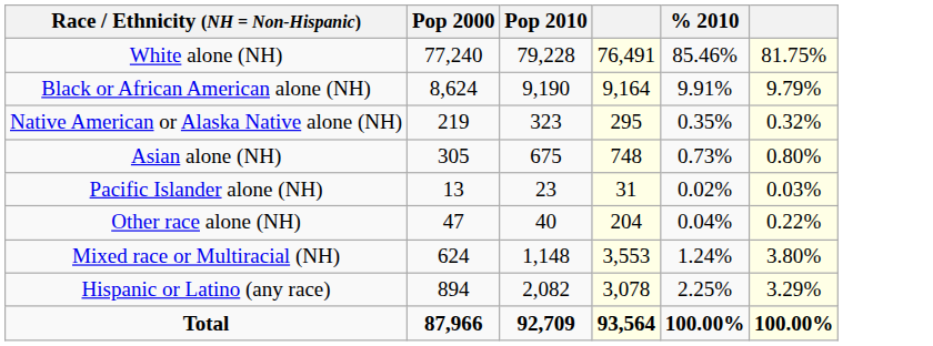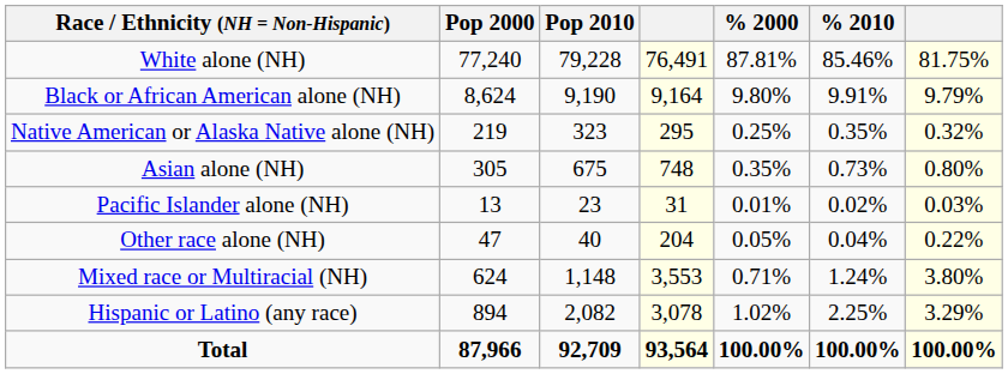 <table class="wikitable" style="text-align:center;">
 <tr>
 <th>Race / Ethnicity <small>(<em>NH = Non-Hispanic</em>)</small></th>
 <th>Pop 2000</th>
 <th>Pop 2010</th>
 <th></th>
+<th>% 2000</th>
 <th>% 2010</th>
 <th></th>
 </tr>
 <tr>
 <td><a href='#'>White</a> alone (NH)</td>
 <td>77,240</td>
 <td>79,228</td>
 <td style='background: #ffffe6;'>76,491</td>
+<td>87.81%</td>
 <td>85.46%</td>
 <td style='background: #ffffe6;'>81.75%</td>
 </tr>
 <tr>
 <td><a href='#'>Black or African American</a> alone (NH)</td>
 <td>8,624</td>
 <td>9,190</td>
 <td style='background: #ffffe6;'>9,164</td>
+<td>9.80%</td>
 <td>9.91%</td>
 <td style='background: #ffffe6;'>9.79%</td>
 </tr>
 <tr>
 <td><a href='#'>Native American</a> or <a href='#'>Alaska Native</a> alone (NH)</td>
 <td>219</td>
 <td>323</td>
 <td style='background: #ffffe6;'>295</td>
+<td>0.25%</td>
 <td>0.35%</td>
 <td style='background: #ffffe6;'>0.32%</td>
 </tr>
 <tr>
 <td><a href='#'>Asian</a> alone (NH)</td>
 <td>305</td>
 <td>675</td>
 <td style='background: #ffffe6;'>748</td>
+<td>0.35%</td>
 <td>0.73%</td>
 <td style='background: #ffffe6;'>0.80%</td>
 </tr>
 <tr>
 <td><a href='#'>Pacific Islander</a> alone (NH)</td>
 <td>13</td>
 <td>23</td>
 <td style='background: #ffffe6;'>31</td>
+<td>0.01%</td>
 <td>0.02%</td>
 <td style='background: #ffffe6;'>0.03%</td>
 </tr>
 <tr>
 <td><a href='#'>Other race</a> alone (NH)</td>
 <td>47</td>
 <td>40</td>
 <td style='background: #ffffe6;'>204</td>
+<td>0.05%</td>
 <td>0.04%</td>
 <td style='background: #ffffe6;'>0.22%</td>
 </tr>
 <tr>
 <td><a href='#'>Mixed race or Multiracial</a> (NH)</td>
 <td>624</td>
 <td>1,148</td>
 <td style='background: #ffffe6;'>3,553</td>
+<td>0.71%</td>
 <td>1.24%</td>
 <td style='background: #ffffe6;'>3.80%</td>
 </tr>
 <tr>
 <td><a href='#'>Hispanic or Latino</a> (any race)</td>
 <td>894</td>
 <td>2,082</td>
 <td style='background: #ffffe6;'>3,078</td>
+<td>1.02%</td>
 <td>2.25%</td>
 <td style='background: #ffffe6;'>3.29%</td>
 </tr>
 <tr>
 <td><strong>Total</strong></td>
 <td><strong>87,966</strong></td>
 <td><strong>92,709</strong></td>
 <td style='background: #ffffe6;'><strong>93,564</strong></td>
 <td><strong>100.00%</strong></td>
+<td><strong>100.00%</strong></td>
 <td style='background: #ffffe6;'><strong>100.00%</strong></td>
 </tr>
 </table>
